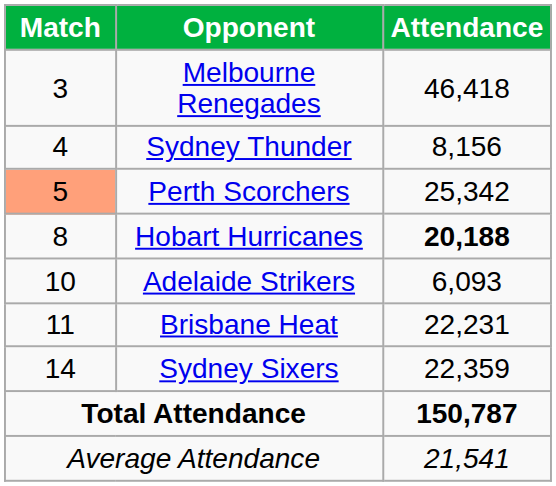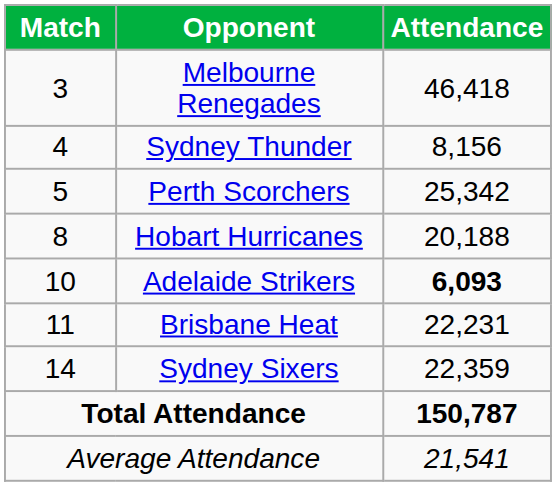 <table class="wikitable" style="text-align:center; font-size:90%">
 <tr>
 <th style="width:50px; background:#00B13F; color:white; text-align:center;">Match</th>
 <th style="width:130px; background:#00B13F; color:white; text-align:center;" class="unsortable">Opponent</th>
 <th style="width:80px; background:#00B13F; color:white; text-align:center;">Attendance</th>
 </tr>
 <tr>
 <td>3</td>
 <td><a href='#'>Melbourne Renegades</a></td>
 <td>46,418</td>
 </tr>
 <tr>
 <td>4</td>
 <td><a href='#'>Sydney Thunder</a></td>
 <td>8,156</td>
 </tr>
 <tr>
-<td style="background: lightsalmon;">5</td>
+<td>5</td>
 <td><a href='#'>Perth Scorchers</a></td>
 <td>25,342</td>
 </tr>
 <tr>
 <td>8</td>
 <td><a href='#'>Hobart Hurricanes</a></td>
-<td><strong>20,188</strong></td>
+<td>20,188</td>
 </tr>
 <tr>
 <td>10</td>
 <td><a href='#'>Adelaide Strikers</a></td>
-<td>6,093</td>
+<td><strong>6,093</strong></td>
 </tr>
 <tr>
 <td>11</td>
 <td><a href='#'>Brisbane Heat</a></td>
 <td>22,231</td>
 </tr>
 <tr>
 <td>14</td>
 <td><a href='#'>Sydney Sixers</a></td>
 <td>22,359</td>
 </tr>
 <tr class="sortbottom">
 <td colspan="2"><strong>Total Attendance</strong></td>
 <td><strong>150,787</strong></td>
 </tr>
 <tr class="sortbottom">
 <td colspan="2"><em>Average Attendance</em></td>
 <td><em>21,541</em></td>
 </tr>
 </table>
